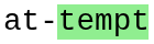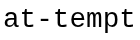 <table border=0 cellspacing=0 cellpadding=0>
 <tr>
 <td></td>
 <td></td>
 </tr>
 <tr>
 <td>at-</td>
-<td style="background: lightgreen;">tempt</td>
+<td>tempt</td>
 </tr>
 </table>
